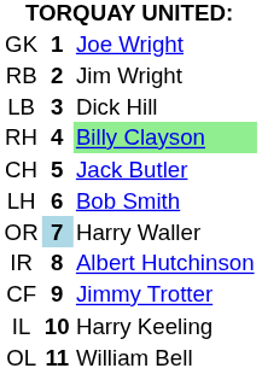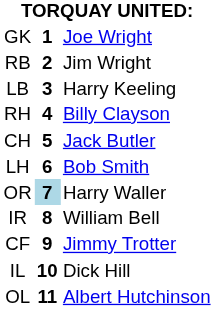 <table cellpadding="2" style="border-collapse:collapse; font-size: 90%; text-align:center;">
 <tr>
 <td colspan="4"><strong>TORQUAY UNITED:</strong></td>
 </tr>
 <tr>
 <td>GK</td>
 <td><strong>1</strong></td>
 <td align="left"> <a href='#'>Joe Wright</a></td>
 </tr>
 <tr>
 <td>RB</td>
 <td><strong>2</strong></td>
 <td align="left"> Jim Wright</td>
 </tr>
 <tr>
 <td>LB</td>
 <td><strong>3</strong></td>
-<td align="left"> Dick Hill</td>
+<td align="left"> Harry Keeling</td>
 </tr>
 <tr>
 <td>RH</td>
 <td><strong>4</strong></td>
-<td align="left" style="background: lightgreen;"> <a href='#'>Billy Clayson</a></td>
+<td align="left"> <a href='#'>Billy Clayson</a></td>
 </tr>
 <tr>
 <td>CH</td>
 <td><strong>5</strong></td>
 <td align="left"> <a href='#'>Jack Butler</a></td>
 </tr>
 <tr>
 <td>LH</td>
 <td><strong>6</strong></td>
 <td align="left"> <a href='#'>Bob Smith</a></td>
 </tr>
 <tr>
 <td>OR</td>
 <td style="background: lightblue;"><strong>7</strong></td>
 <td align="left"> Harry Waller</td>
 </tr>
 <tr>
 <td>IR</td>
 <td><strong>8</strong></td>
-<td align="left"> <a href='#'>Albert Hutchinson</a></td>
+<td align="left"> William Bell</td>
 </tr>
 <tr>
 <td>CF</td>
 <td><strong>9</strong></td>
 <td align="left"> <a href='#'>Jimmy Trotter</a>  </td>
 </tr>
 <tr>
 <td>IL</td>
 <td><strong>10</strong></td>
-<td align="left"> Harry Keeling</td>
+<td align="left"> Dick Hill</td>
 </tr>
 <tr>
 <td>OL</td>
 <td><strong>11</strong></td>
-<td align="left"> William Bell</td>
+<td align="left"> <a href='#'>Albert Hutchinson</a></td>
 </tr>
 </table>
